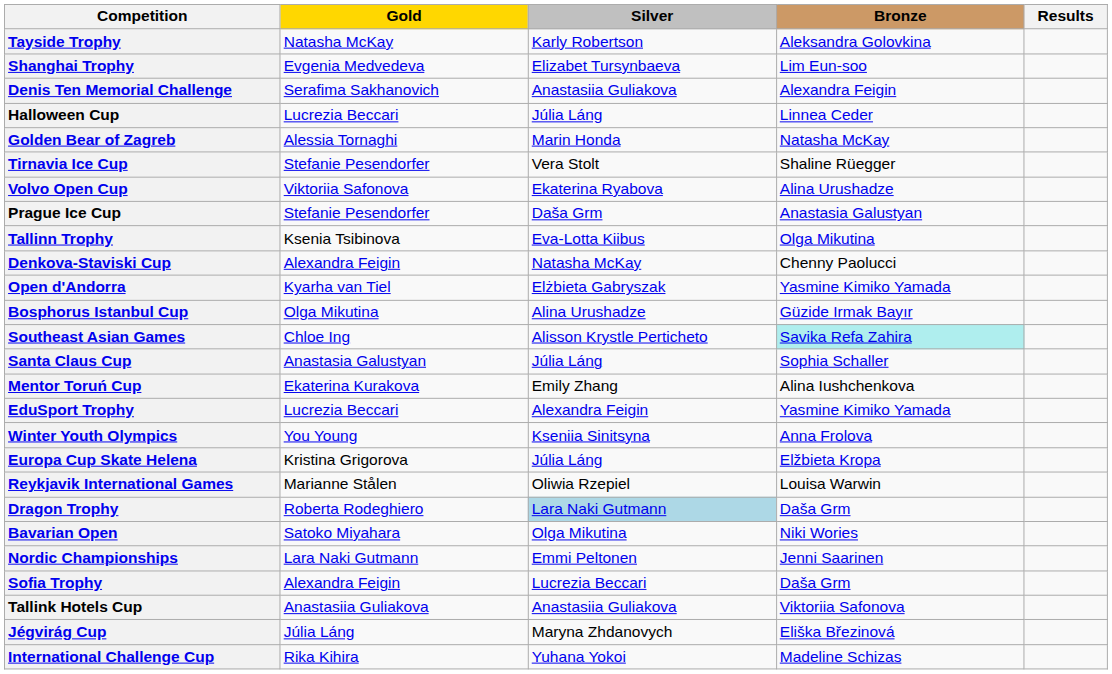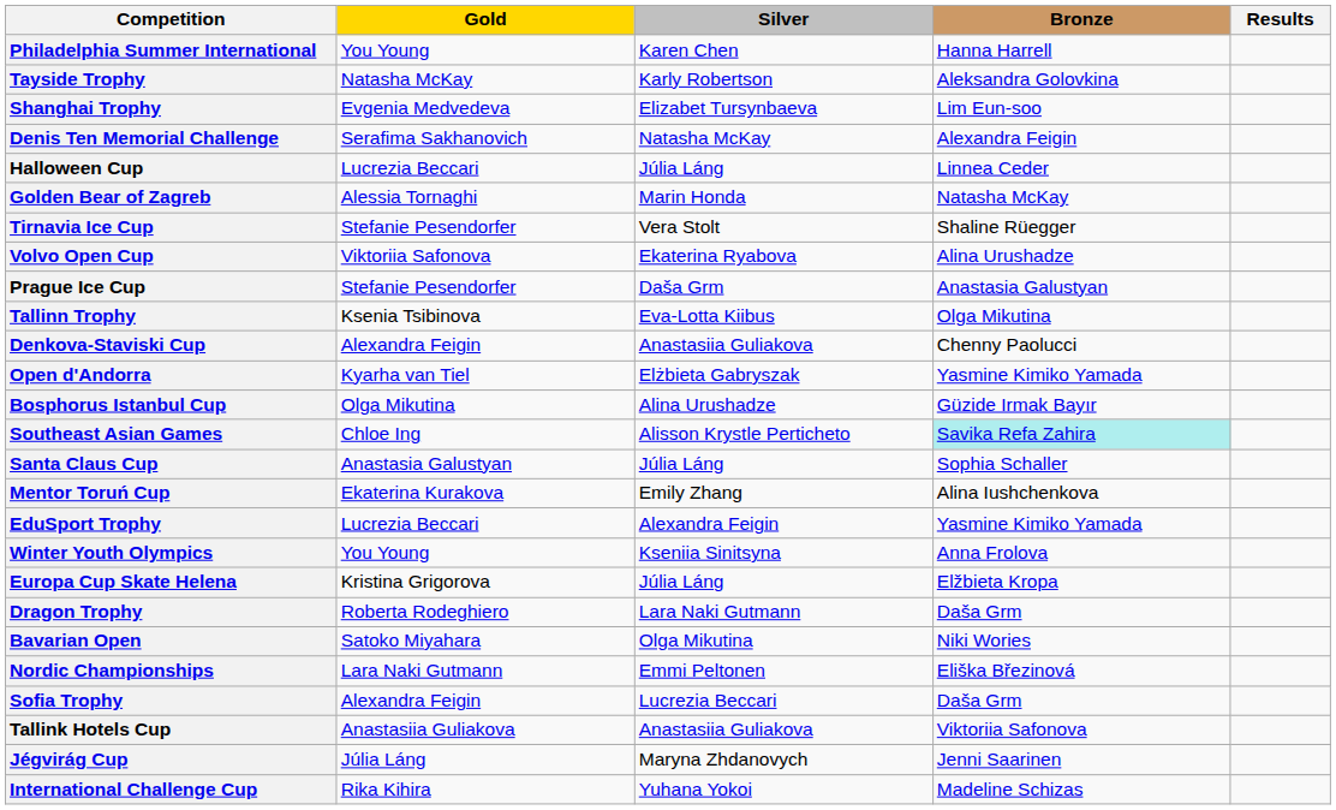 <table class="wikitable unsortable" style="text-align:left; width:90%;">
 <tr>
 <th scope="col" style="text-align:center; width:25%;">Competition</th>
 <td scope="col" style="text-align:center; width:22.5%; background:gold"><strong>Gold</strong></td>
 <td scope="col" style="text-align:center; width:22.5%; background:silver"><strong>Silver</strong></td>
 <td scope="col" style="text-align:center; width:22.5%; background:#c96"><strong>Bronze</strong></td>
 <th scope="col" style="text-align:center; width:7.5%;">Results</th>
+</tr>
+<tr>
+<th scope="row" style="text-align:left"> <a href='#'>Philadelphia Summer International</a></th>
+<td> <a href='#'>You Young</a></td>
+<td> <a href='#'>Karen Chen</a></td>
+<td> <a href='#'>Hanna Harrell</a></td>
+<td></td>
 </tr>
 <tr>
 <th scope="row" style="text-align:left"> <a href='#'>Tayside Trophy</a></th>
 <td> <a href='#'>Natasha McKay</a></td>
 <td> <a href='#'>Karly Robertson</a></td>
 <td> <a href='#'>Aleksandra Golovkina</a></td>
 <td></td>
 </tr>
 <tr>
 <th scope="row" style="text-align:left"> <a href='#'>Shanghai Trophy</a></th>
 <td> <a href='#'>Evgenia Medvedeva</a></td>
 <td> <a href='#'>Elizabet Tursynbaeva</a></td>
 <td> <a href='#'>Lim Eun-soo</a></td>
 <td></td>
 </tr>
 <tr>
 <th scope="row" style="text-align:left"> <a href='#'>Denis Ten Memorial Challenge</a></th>
 <td> <a href='#'>Serafima Sakhanovich</a></td>
-<td> <a href='#'>Anastasiia Guliakova</a></td>
+<td> <a href='#'>Natasha McKay</a></td>
 <td> <a href='#'>Alexandra Feigin</a></td>
 <td></td>
 </tr>
 <tr>
 <th scope="row" style="text-align:left"> Halloween Cup</th>
 <td> <a href='#'>Lucrezia Beccari</a></td>
 <td> <a href='#'>Júlia Láng</a></td>
 <td> <a href='#'>Linnea Ceder</a></td>
 <td></td>
 </tr>
 <tr>
 <th scope="row" style="text-align:left"> <a href='#'>Golden Bear of Zagreb</a></th>
 <td> <a href='#'>Alessia Tornaghi</a></td>
 <td> <a href='#'>Marin Honda</a></td>
 <td> <a href='#'>Natasha McKay</a></td>
 <td></td>
 </tr>
 <tr>
 <th scope="row" style="text-align:left"> <a href='#'>Tirnavia Ice Cup</a></th>
 <td> <a href='#'>Stefanie Pesendorfer</a></td>
 <td> Vera Stolt</td>
 <td> Shaline Rüegger</td>
 <td></td>
 </tr>
 <tr>
 <th scope="row" style="text-align:left"> <a href='#'>Volvo Open Cup</a></th>
 <td> <a href='#'>Viktoriia Safonova</a></td>
 <td> <a href='#'>Ekaterina Ryabova</a></td>
 <td> <a href='#'>Alina Urushadze</a></td>
 <td></td>
 </tr>
 <tr>
 <th scope="row" style="text-align:left"> Prague Ice Cup</th>
 <td> <a href='#'>Stefanie Pesendorfer</a></td>
 <td> <a href='#'>Daša Grm</a></td>
 <td> <a href='#'>Anastasia Galustyan</a></td>
 <td></td>
 </tr>
 <tr>
 <th scope="row" style="text-align:left"> <a href='#'>Tallinn Trophy</a></th>
 <td> Ksenia Tsibinova</td>
 <td> <a href='#'>Eva-Lotta Kiibus</a></td>
 <td> <a href='#'>Olga Mikutina</a></td>
 <td></td>
 </tr>
 <tr>
 <th scope="row" style="text-align:left"> <a href='#'>Denkova-Staviski Cup</a></th>
 <td> <a href='#'>Alexandra Feigin</a></td>
-<td> <a href='#'>Natasha McKay</a></td>
+<td> <a href='#'>Anastasiia Guliakova</a></td>
 <td> Chenny Paolucci</td>
 <td></td>
 </tr>
 <tr>
 <th scope="row" style="text-align:left"> <a href='#'>Open d'Andorra</a></th>
 <td> <a href='#'>Kyarha van Tiel</a></td>
 <td> <a href='#'>Elżbieta Gabryszak</a></td>
 <td> <a href='#'>Yasmine Kimiko Yamada</a></td>
 <td></td>
 </tr>
 <tr>
 <th scope="row" style="text-align:left"> <a href='#'>Bosphorus Istanbul Cup</a></th>
 <td> <a href='#'>Olga Mikutina</a></td>
 <td> <a href='#'>Alina Urushadze</a></td>
 <td> <a href='#'>Güzide Irmak Bayır</a></td>
 <td></td>
 </tr>
 <tr>
 <th scope="row" style="text-align:left"> <a href='#'>Southeast Asian Games</a></th>
 <td> <a href='#'>Chloe Ing</a></td>
 <td> <a href='#'>Alisson Krystle Perticheto</a></td>
 <td style="background: paleturquoise;"> <a href='#'>Savika Refa Zahira</a></td>
 <td></td>
 </tr>
 <tr>
 <th scope="row" style="text-align:left"> <a href='#'>Santa Claus Cup</a></th>
 <td> <a href='#'>Anastasia Galustyan</a></td>
 <td> <a href='#'>Júlia Láng</a></td>
 <td> <a href='#'>Sophia Schaller</a></td>
 <td></td>
 </tr>
 <tr>
 <th scope="row" style="text-align:left"> <a href='#'>Mentor Toruń Cup</a></th>
 <td> <a href='#'>Ekaterina Kurakova</a></td>
 <td> Emily Zhang</td>
 <td> Alina Iushchenkova</td>
 <td></td>
 </tr>
 <tr>
 <th scope="row" style="text-align:left"> <a href='#'>EduSport Trophy</a></th>
 <td> <a href='#'>Lucrezia Beccari</a></td>
 <td> <a href='#'>Alexandra Feigin</a></td>
 <td> <a href='#'>Yasmine Kimiko Yamada</a></td>
 <td></td>
 </tr>
 <tr>
 <th scope="row" style="text-align:left"> <a href='#'>Winter Youth Olympics</a></th>
 <td> <a href='#'>You Young</a></td>
 <td> <a href='#'>Kseniia Sinitsyna</a></td>
 <td> <a href='#'>Anna Frolova</a></td>
 <td></td>
 </tr>
 <tr>
 <th scope="row" style="text-align:left"> <a href='#'>Europa Cup Skate Helena</a></th>
 <td> Kristina Grigorova</td>
 <td> <a href='#'>Júlia Láng</a></td>
 <td> <a href='#'>Elžbieta Kropa</a></td>
 <td></td>
 </tr>
 <tr>
-<th scope="row" style="text-align:left"> <a href='#'>Reykjavik International Games</a></th>
-<td> Marianne Stålen</td>
-<td> Oliwia Rzepiel</td>
-<td> Louisa Warwin</td>
-<td></td>
-</tr>
-<tr>
 <th scope="row" style="text-align:left"> <a href='#'>Dragon Trophy</a></th>
 <td> <a href='#'>Roberta Rodeghiero</a></td>
-<td style="background: lightblue;"> <a href='#'>Lara Naki Gutmann</a></td>
+<td> <a href='#'>Lara Naki Gutmann</a></td>
 <td> <a href='#'>Daša Grm</a></td>
 <td></td>
 </tr>
 <tr>
 <th scope="row" style="text-align:left"> <a href='#'>Bavarian Open</a></th>
 <td> <a href='#'>Satoko Miyahara</a></td>
 <td> <a href='#'>Olga Mikutina</a></td>
 <td> <a href='#'>Niki Wories</a></td>
 <td></td>
 </tr>
 <tr>
 <th scope="row" style="text-align:left"> <a href='#'>Nordic Championships</a></th>
 <td> <a href='#'>Lara Naki Gutmann</a></td>
 <td> <a href='#'>Emmi Peltonen</a></td>
-<td> <a href='#'>Jenni Saarinen</a></td>
+<td> <a href='#'>Eliška Březinová</a></td>
 <td></td>
 </tr>
 <tr>
 <th scope="row" style="text-align:left"> <a href='#'>Sofia Trophy</a></th>
 <td> <a href='#'>Alexandra Feigin</a></td>
 <td> <a href='#'>Lucrezia Beccari</a></td>
 <td> <a href='#'>Daša Grm</a></td>
 <td></td>
 </tr>
 <tr>
 <th scope="row" style="text-align:left"> Tallink Hotels Cup</th>
 <td> <a href='#'>Anastasiia Guliakova</a></td>
 <td> <a href='#'>Anastasiia Guliakova</a></td>
 <td> <a href='#'>Viktoriia Safonova</a></td>
 <td></td>
 </tr>
 <tr>
 <th scope="row" style="text-align:left"> <a href='#'>Jégvirág Cup</a></th>
 <td> <a href='#'>Júlia Láng</a></td>
 <td> Maryna Zhdanovych</td>
-<td> <a href='#'>Eliška Březinová</a></td>
+<td> <a href='#'>Jenni Saarinen</a></td>
 <td></td>
 </tr>
 <tr>
 <th scope="row" style="text-align:left"> <a href='#'>International Challenge Cup</a></th>
 <td> <a href='#'>Rika Kihira</a></td>
 <td> <a href='#'>Yuhana Yokoi</a></td>
 <td> <a href='#'>Madeline Schizas</a></td>
 <td></td>
 </tr>
 </table>
